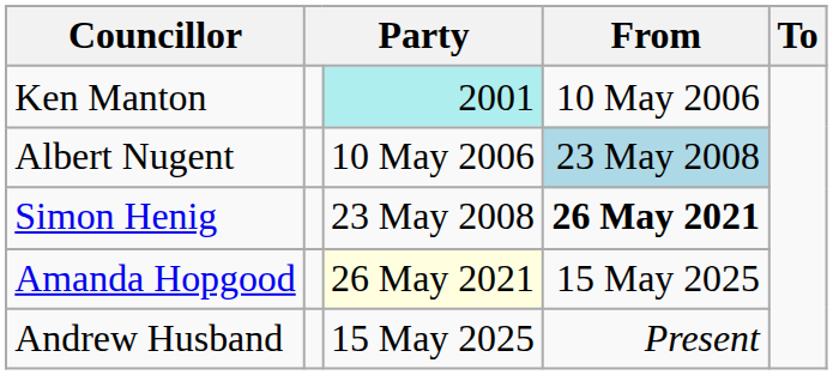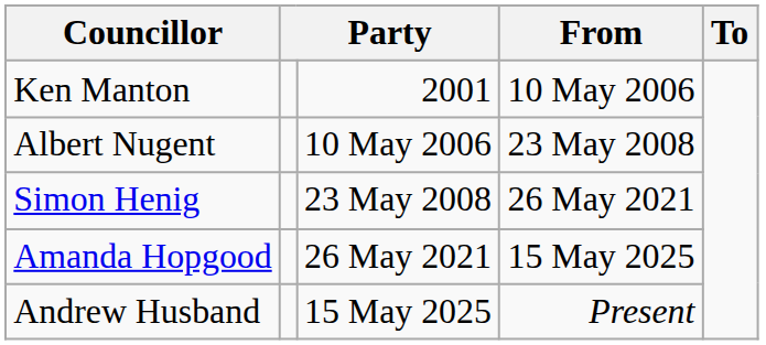 <table class=wikitable>
 <tr>
 <th>Councillor</th>
 <th colspan=2>Party</th>
 <th>From</th>
 <th>To</th>
 </tr>
 <tr>
 <td>Ken Manton</td>
 <td></td>
-<td align=right style="background: paleturquoise;">2001</td>
+<td align=right>2001</td>
 <td align=right>10 May 2006</td>
 </tr>
 <tr>
 <td>Albert Nugent</td>
 <td></td>
 <td align=right>10 May 2006</td>
-<td align=right style="background: lightblue;">23 May 2008</td>
+<td align=right>23 May 2008</td>
 </tr>
 <tr>
 <td><a href='#'>Simon Henig</a></td>
 <td></td>
 <td align=right>23 May 2008</td>
-<td align=right><strong>26 May 2021</strong></td>
+<td align=right>26 May 2021</td>
 </tr>
 <tr>
 <td><a href='#'>Amanda Hopgood</a></td>
 <td></td>
-<td style="background: lightyellow;">26 May 2021</td>
+<td>26 May 2021</td>
 <td align="right">15 May 2025</td>
 </tr>
 <tr>
 <td>Andrew Husband</td>
 <td></td>
 <td align=right>15 May 2025</td>
 <td align="right"><em>Present</em></td>
 </tr>
 </table>
